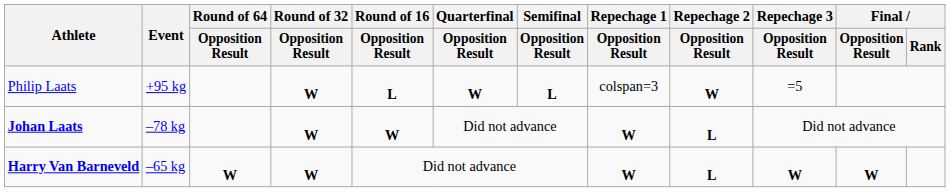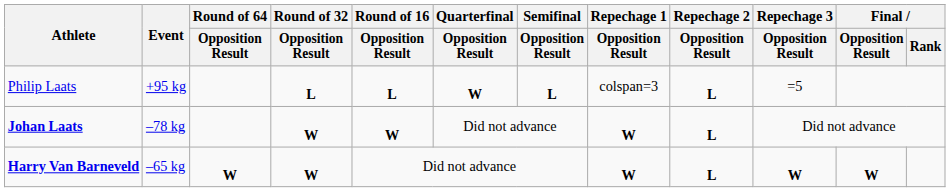 <table class=wikitable style=font-size:90%;text-align:center>
 <tr>
 <th rowspan=2>Athlete</th>
 <th rowspan=2>Event</th>
 <th>Round of 64</th>
 <th>Round of 32</th>
 <th>Round of 16</th>
 <th>Quarterfinal</th>
 <th>Semifinal</th>
 <th>Repechage 1</th>
 <th>Repechage 2</th>
 <th>Repechage 3</th>
 <th colspan=2>Final / </th>
 </tr>
 <tr style=font-size:95%>
 <th>Opposition<br>Result</th>
 <th>Opposition<br>Result</th>
 <th>Opposition<br>Result</th>
 <th>Opposition<br>Result</th>
 <th>Opposition<br>Result</th>
 <th>Opposition<br>Result</th>
 <th>Opposition<br>Result</th>
 <th>Opposition<br>Result</th>
 <th>Opposition<br>Result</th>
 <th>Rank</th>
 </tr>
 <tr>
 <td align=left><a href='#'>Philip Laats</a></td>
 <td align=left><a href='#'>+95 kg</a></td>
 <td></td>
-<td><br><strong>W</strong></td>
+<td><br><strong>L</strong></td>
 <td><br><strong>L</strong></td>
 <td><br><strong>W</strong></td>
 <td><br><strong>L</strong></td>
 <td>colspan=3 </td>
-<td><br><strong>W</strong></td>
+<td><br><strong>L</strong></td>
 <td>=5</td>
 </tr>
 <tr>
 <td align=left><strong><a href='#'>Johan Laats</a></strong></td>
 <td align=left><a href='#'>–78 kg</a></td>
 <td></td>
 <td><br><strong>W</strong></td>
 <td><br><strong>W</strong></td>
 <td colspan=2>Did not advance</td>
 <td><br><strong>W</strong></td>
 <td><br><strong>L</strong></td>
 <td colspan=3>Did not advance</td>
 </tr>
 <tr>
 <td align=left><strong><a href='#'>Harry Van Barneveld</a></strong></td>
 <td align=left><a href='#'>–65 kg</a></td>
 <td><br><strong>W</strong></td>
 <td><br><strong>W</strong></td>
 <td colspan=3>Did not advance</td>
 <td><br><strong>W</strong></td>
 <td><br><strong>L</strong></td>
 <td><br><strong>W</strong></td>
 <td><br><strong>W</strong></td>
 <td></td>
 </tr>
 </table>
